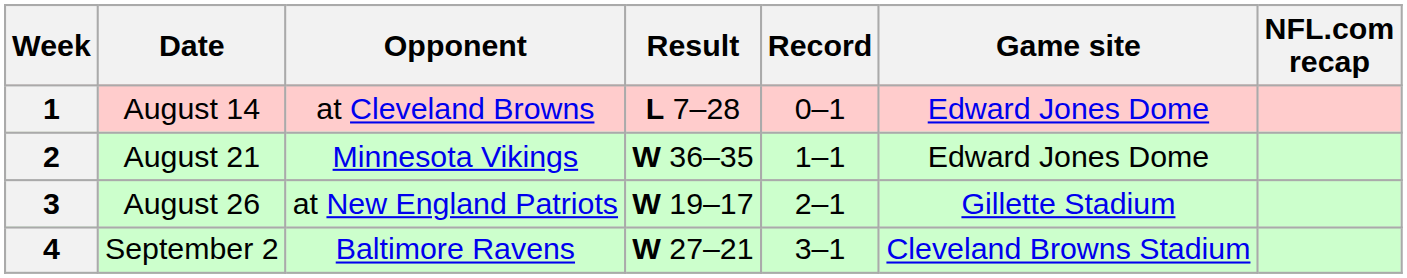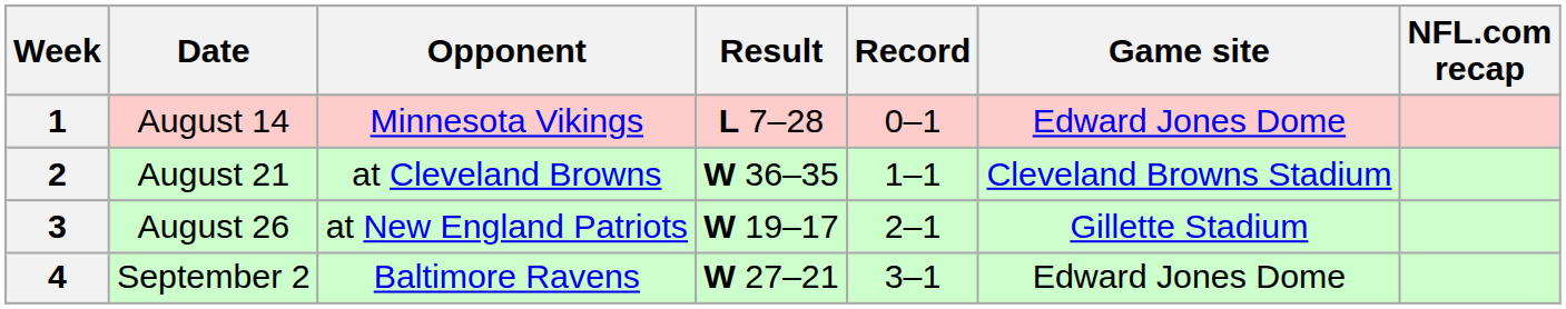 <table class="wikitable" align="center" style="font-size: 92%">
 <tr>
 <th>Week</th>
 <th>Date</th>
 <th>Opponent</th>
 <th>Result</th>
 <th>Record</th>
 <th>Game site</th>
 <th>NFL.com<br>recap</th>
 </tr>
 <tr style="background:#fcc;">
 <th>1</th>
 <td style="text-align:center;">August 14</td>
-<td style="text-align:center;">at <a href='#'>Cleveland Browns</a></td>
+<td style="text-align:center;"><a href='#'>Minnesota Vikings</a></td>
 <td style="text-align:center;"><strong>L</strong> 7–28</td>
 <td style="text-align:center;">0–1</td>
 <td style="text-align:center;"><a href='#'>Edward Jones Dome</a></td>
 <td style="text-align:center;"></td>
 </tr>
 <tr style="background:#cfc;">
 <th>2</th>
 <td style="text-align:center;">August 21</td>
-<td style="text-align:center;"><a href='#'>Minnesota Vikings</a></td>
+<td style="text-align:center;">at <a href='#'>Cleveland Browns</a></td>
 <td style="text-align:center;"><strong>W</strong> 36–35</td>
 <td style="text-align:center;">1–1</td>
-<td style="text-align:center;">Edward Jones Dome</td>
+<td style="text-align:center;"><a href='#'>Cleveland Browns Stadium</a></td>
 <td style="text-align:center;"></td>
 </tr>
 <tr style="background:#cfc;">
 <th>3</th>
 <td style="text-align:center;">August 26</td>
 <td style="text-align:center;">at <a href='#'>New England Patriots</a></td>
 <td style="text-align:center;"><strong>W</strong> 19–17</td>
 <td style="text-align:center;">2–1</td>
 <td style="text-align:center;"><a href='#'>Gillette Stadium</a></td>
 <td style="text-align:center;"></td>
 </tr>
 <tr style="background:#cfc;">
 <th>4</th>
 <td style="text-align:center;">September 2</td>
 <td style="text-align:center;"><a href='#'>Baltimore Ravens</a></td>
 <td style="text-align:center;"><strong>W</strong> 27–21</td>
 <td style="text-align:center;">3–1</td>
-<td style="text-align:center;"><a href='#'>Cleveland Browns Stadium</a></td>
+<td style="text-align:center;">Edward Jones Dome</td>
 <td style="text-align:center;"></td>
 </tr>
 </table>
